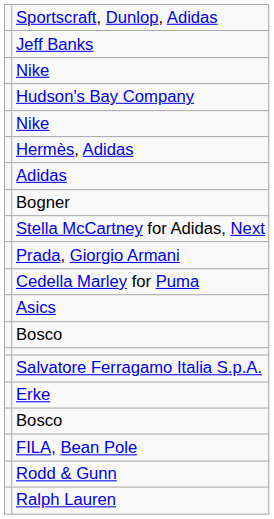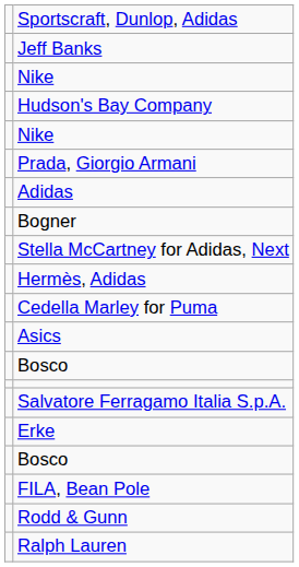 <table class="wikitable sortable">
 <tr>
 <td></td>
 <td><a href='#'>Sportscraft</a>, <a href='#'>Dunlop</a>, <a href='#'>Adidas</a></td>
 </tr>
 <tr>
 <td></td>
 <td><a href='#'>Jeff Banks</a></td>
 </tr>
 <tr>
 <td></td>
 <td><a href='#'>Nike</a></td>
 </tr>
 <tr>
 <td></td>
 <td><a href='#'>Hudson's Bay Company</a></td>
 </tr>
 <tr>
 <td></td>
 <td><a href='#'>Nike</a></td>
 </tr>
 <tr>
 <td></td>
-<td><a href='#'>Hermès</a>, <a href='#'>Adidas</a></td>
+<td><a href='#'>Prada</a>, <a href='#'>Giorgio Armani</a></td>
 </tr>
 <tr>
 <td></td>
 <td><a href='#'>Adidas</a></td>
 </tr>
 <tr>
 <td></td>
 <td>Bogner</td>
 </tr>
 <tr>
 <td></td>
 <td><a href='#'>Stella McCartney</a> for Adidas, <a href='#'>Next</a></td>
 </tr>
 <tr>
 <td></td>
-<td><a href='#'>Prada</a>, <a href='#'>Giorgio Armani</a></td>
+<td><a href='#'>Hermès</a>, <a href='#'>Adidas</a></td>
 </tr>
 <tr>
 <td></td>
 <td><a href='#'>Cedella Marley</a> for <a href='#'>Puma</a></td>
 </tr>
 <tr>
 <td></td>
 <td><a href='#'>Asics</a></td>
 </tr>
 <tr>
 <td></td>
 <td>Bosco</td>
 </tr>
 <tr>
 <td></td>
 <td></td>
 </tr>
 <tr>
 <td></td>
 <td><a href='#'>Salvatore Ferragamo Italia S.p.A.</a></td>
 </tr>
 <tr>
 <td></td>
 <td><a href='#'>Erke</a></td>
 </tr>
 <tr>
 <td></td>
 <td>Bosco</td>
 </tr>
 <tr>
 <td></td>
 <td><a href='#'>FILA</a>, <a href='#'>Bean Pole</a></td>
 </tr>
 <tr>
 <td></td>
 <td><a href='#'>Rodd & Gunn</a></td>
 </tr>
 <tr>
 <td></td>
 <td><a href='#'>Ralph Lauren</a></td>
 </tr>
 </table>
